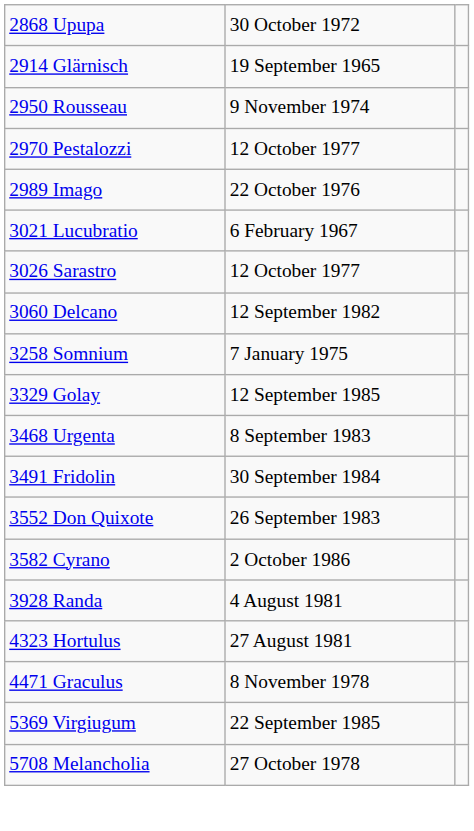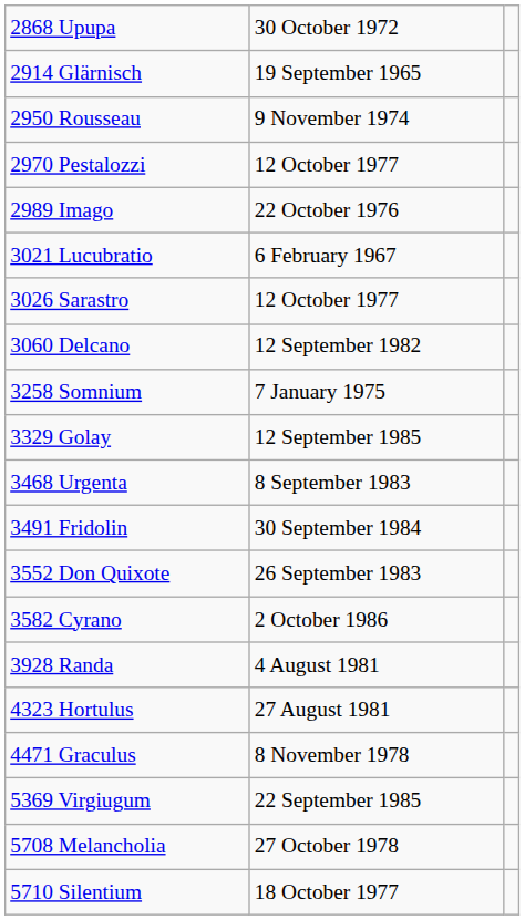 <table class="wikitable" style="font-size: 89%; float: left; width: 24em; margin-right: 1em; line-height: 1.65em !important; height: 540px;">
 <tr>
 <td><a href='#'>2868 Upupa</a></td>
 <td>30 October 1972</td>
 <td></td>
 </tr>
 <tr>
 <td><a href='#'>2914 Glärnisch</a></td>
 <td>19 September 1965</td>
 <td></td>
 </tr>
 <tr>
 <td><a href='#'>2950 Rousseau</a></td>
 <td>9 November 1974</td>
 <td></td>
 </tr>
 <tr>
 <td><a href='#'>2970 Pestalozzi</a></td>
 <td>12 October 1977</td>
 <td></td>
 </tr>
 <tr>
 <td><a href='#'>2989 Imago</a></td>
 <td>22 October 1976</td>
 <td></td>
 </tr>
 <tr>
 <td><a href='#'>3021 Lucubratio</a></td>
 <td>6 February 1967</td>
 <td></td>
 </tr>
 <tr>
 <td><a href='#'>3026 Sarastro</a></td>
 <td>12 October 1977</td>
 <td></td>
 </tr>
 <tr>
 <td><a href='#'>3060 Delcano</a></td>
 <td>12 September 1982</td>
 <td></td>
 </tr>
 <tr>
 <td><a href='#'>3258 Somnium</a></td>
 <td>7 January 1975</td>
 <td></td>
 </tr>
 <tr>
 <td><a href='#'>3329 Golay</a></td>
 <td>12 September 1985</td>
 <td></td>
 </tr>
 <tr>
 <td><a href='#'>3468 Urgenta</a></td>
 <td>8 September 1983</td>
 <td></td>
 </tr>
 <tr>
 <td><a href='#'>3491 Fridolin</a></td>
 <td>30 September 1984</td>
 <td></td>
 </tr>
 <tr>
 <td><a href='#'>3552 Don Quixote</a></td>
 <td>26 September 1983</td>
 <td></td>
 </tr>
 <tr>
 <td><a href='#'>3582 Cyrano</a></td>
 <td>2 October 1986</td>
 <td></td>
 </tr>
 <tr>
 <td><a href='#'>3928 Randa</a></td>
 <td>4 August 1981</td>
 <td></td>
 </tr>
 <tr>
 <td><a href='#'>4323 Hortulus</a></td>
 <td>27 August 1981</td>
 <td></td>
 </tr>
 <tr>
 <td><a href='#'>4471 Graculus</a></td>
 <td>8 November 1978</td>
 <td></td>
 </tr>
 <tr>
 <td><a href='#'>5369 Virgiugum</a></td>
 <td>22 September 1985</td>
 <td></td>
 </tr>
 <tr>
 <td><a href='#'>5708 Melancholia</a></td>
 <td>27 October 1978</td>
 <td></td>
 </tr>
+<tr>
+<td><a href='#'>5710 Silentium</a></td>
+<td>18 October 1977</td>
+<td></td>
+</tr>
 </table>
